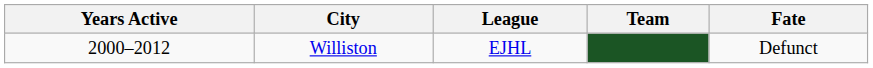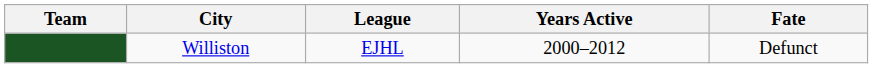 <table class="wikitable sortable" width="60%">
 <tr>
-<th>Years Active</th>
+<th>Team</th>
 <th>City</th>
 <th>League</th>
-<th>Team</th>
+<th>Years Active</th>
 <th>Fate</th>
 </tr>
 <tr align=center>
-<td>2000–2012</td>
+<td style="color:white; background:#1b5524; "><strong><a href='#'></a></strong></td>
 <td><a href='#'>Williston</a></td>
 <td><a href='#'>EJHL</a></td>
-<td style="color:white; background:#1b5524; "><strong><a href='#'></a></strong></td>
+<td>2000–2012</td>
 <td>Defunct</td>
 </tr>
 </table>
